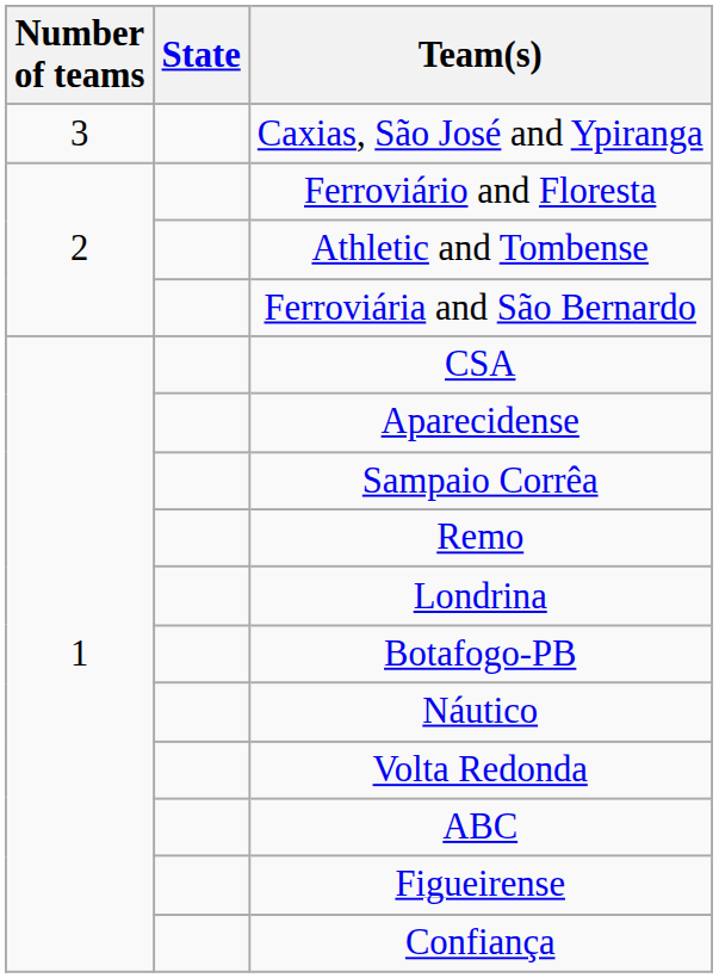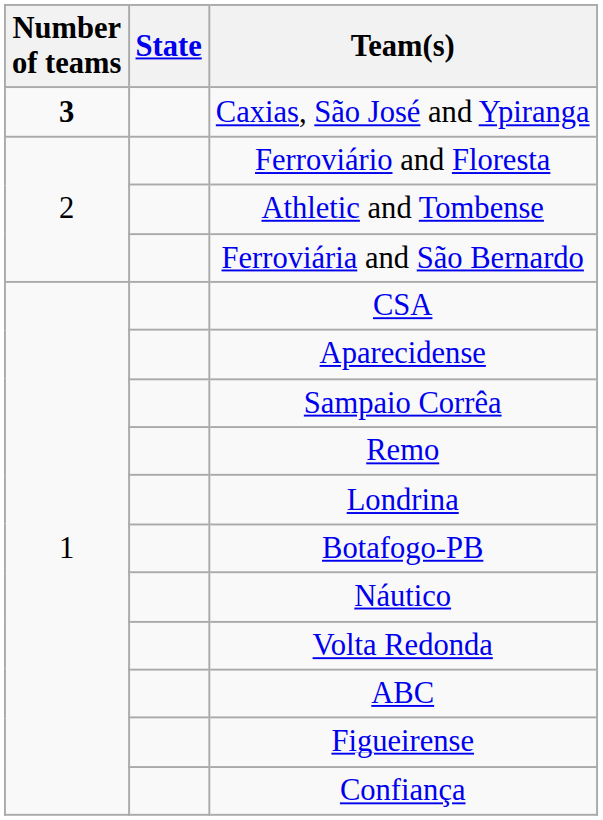 <table class="wikitable" style="text-align:center">
 <tr>
 <th>Number<br>of teams</th>
 <th><a href='#'>State</a></th>
 <th>Team(s)</th>
 </tr>
 <tr>
-<td rowspan=1>3</td>
+<td rowspan=1><strong>3</strong></td>
 <td align="left"></td>
 <td><a href='#'>Caxias</a>, <a href='#'>São José</a> and <a href='#'>Ypiranga</a></td>
 </tr>
 <tr>
 <td rowspan=3>2</td>
 <td align="left"></td>
 <td><a href='#'>Ferroviário</a> and <a href='#'>Floresta</a></td>
 </tr>
 <tr>
 <td align="left"></td>
 <td><a href='#'>Athletic</a> and <a href='#'>Tombense</a></td>
 </tr>
 <tr>
 <td align="left"></td>
 <td><a href='#'>Ferroviária</a> and <a href='#'>São Bernardo</a></td>
 </tr>
 <tr>
 <td rowspan=11>1</td>
 <td align="left"></td>
 <td><a href='#'>CSA</a></td>
 </tr>
 <tr>
 <td align="left"></td>
 <td><a href='#'>Aparecidense</a></td>
 </tr>
 <tr>
 <td align="left"></td>
 <td><a href='#'>Sampaio Corrêa</a></td>
 </tr>
 <tr>
 <td align="left"></td>
 <td><a href='#'>Remo</a></td>
 </tr>
 <tr>
 <td align="left"></td>
 <td><a href='#'>Londrina</a></td>
 </tr>
 <tr>
 <td align="left"></td>
 <td><a href='#'>Botafogo-PB</a></td>
 </tr>
 <tr>
 <td align="left"></td>
 <td><a href='#'>Náutico</a></td>
 </tr>
 <tr>
 <td align="left"></td>
 <td><a href='#'>Volta Redonda</a></td>
 </tr>
 <tr>
 <td align="left"></td>
 <td><a href='#'>ABC</a></td>
 </tr>
 <tr>
 <td align="left"></td>
 <td><a href='#'>Figueirense</a></td>
 </tr>
 <tr>
 <td align="left"></td>
 <td><a href='#'>Confiança</a></td>
 </tr>
 </table>
